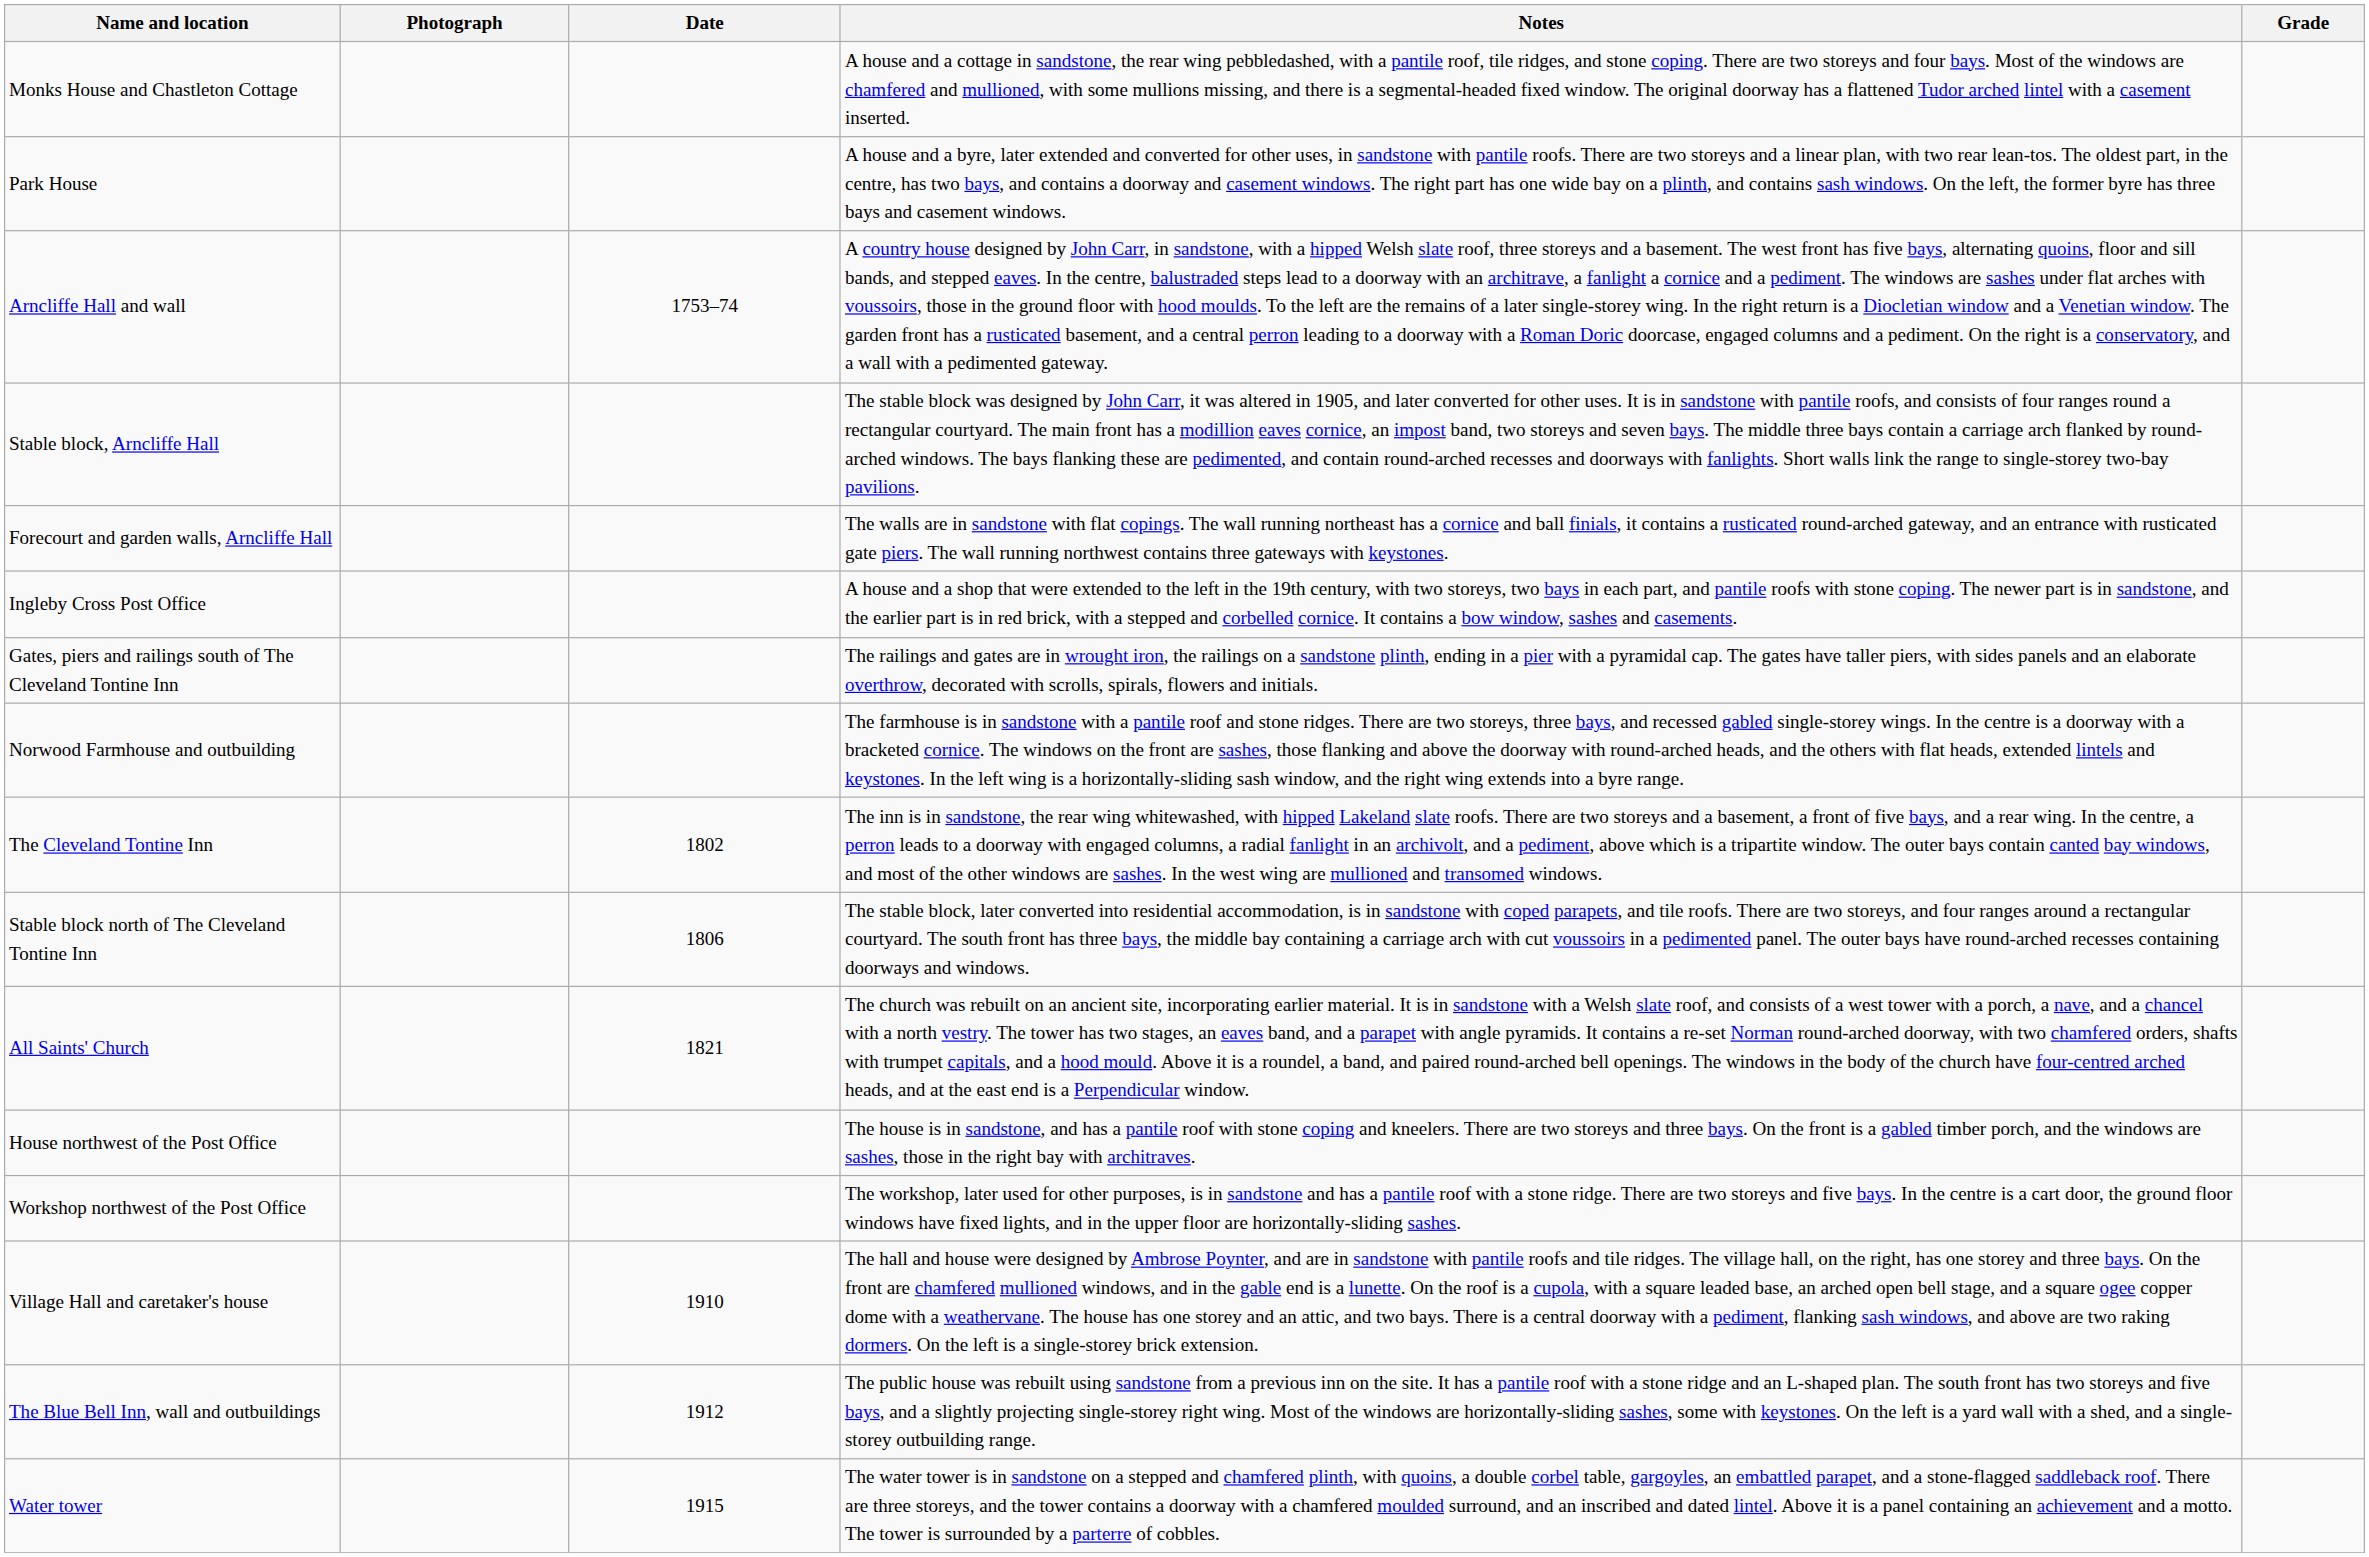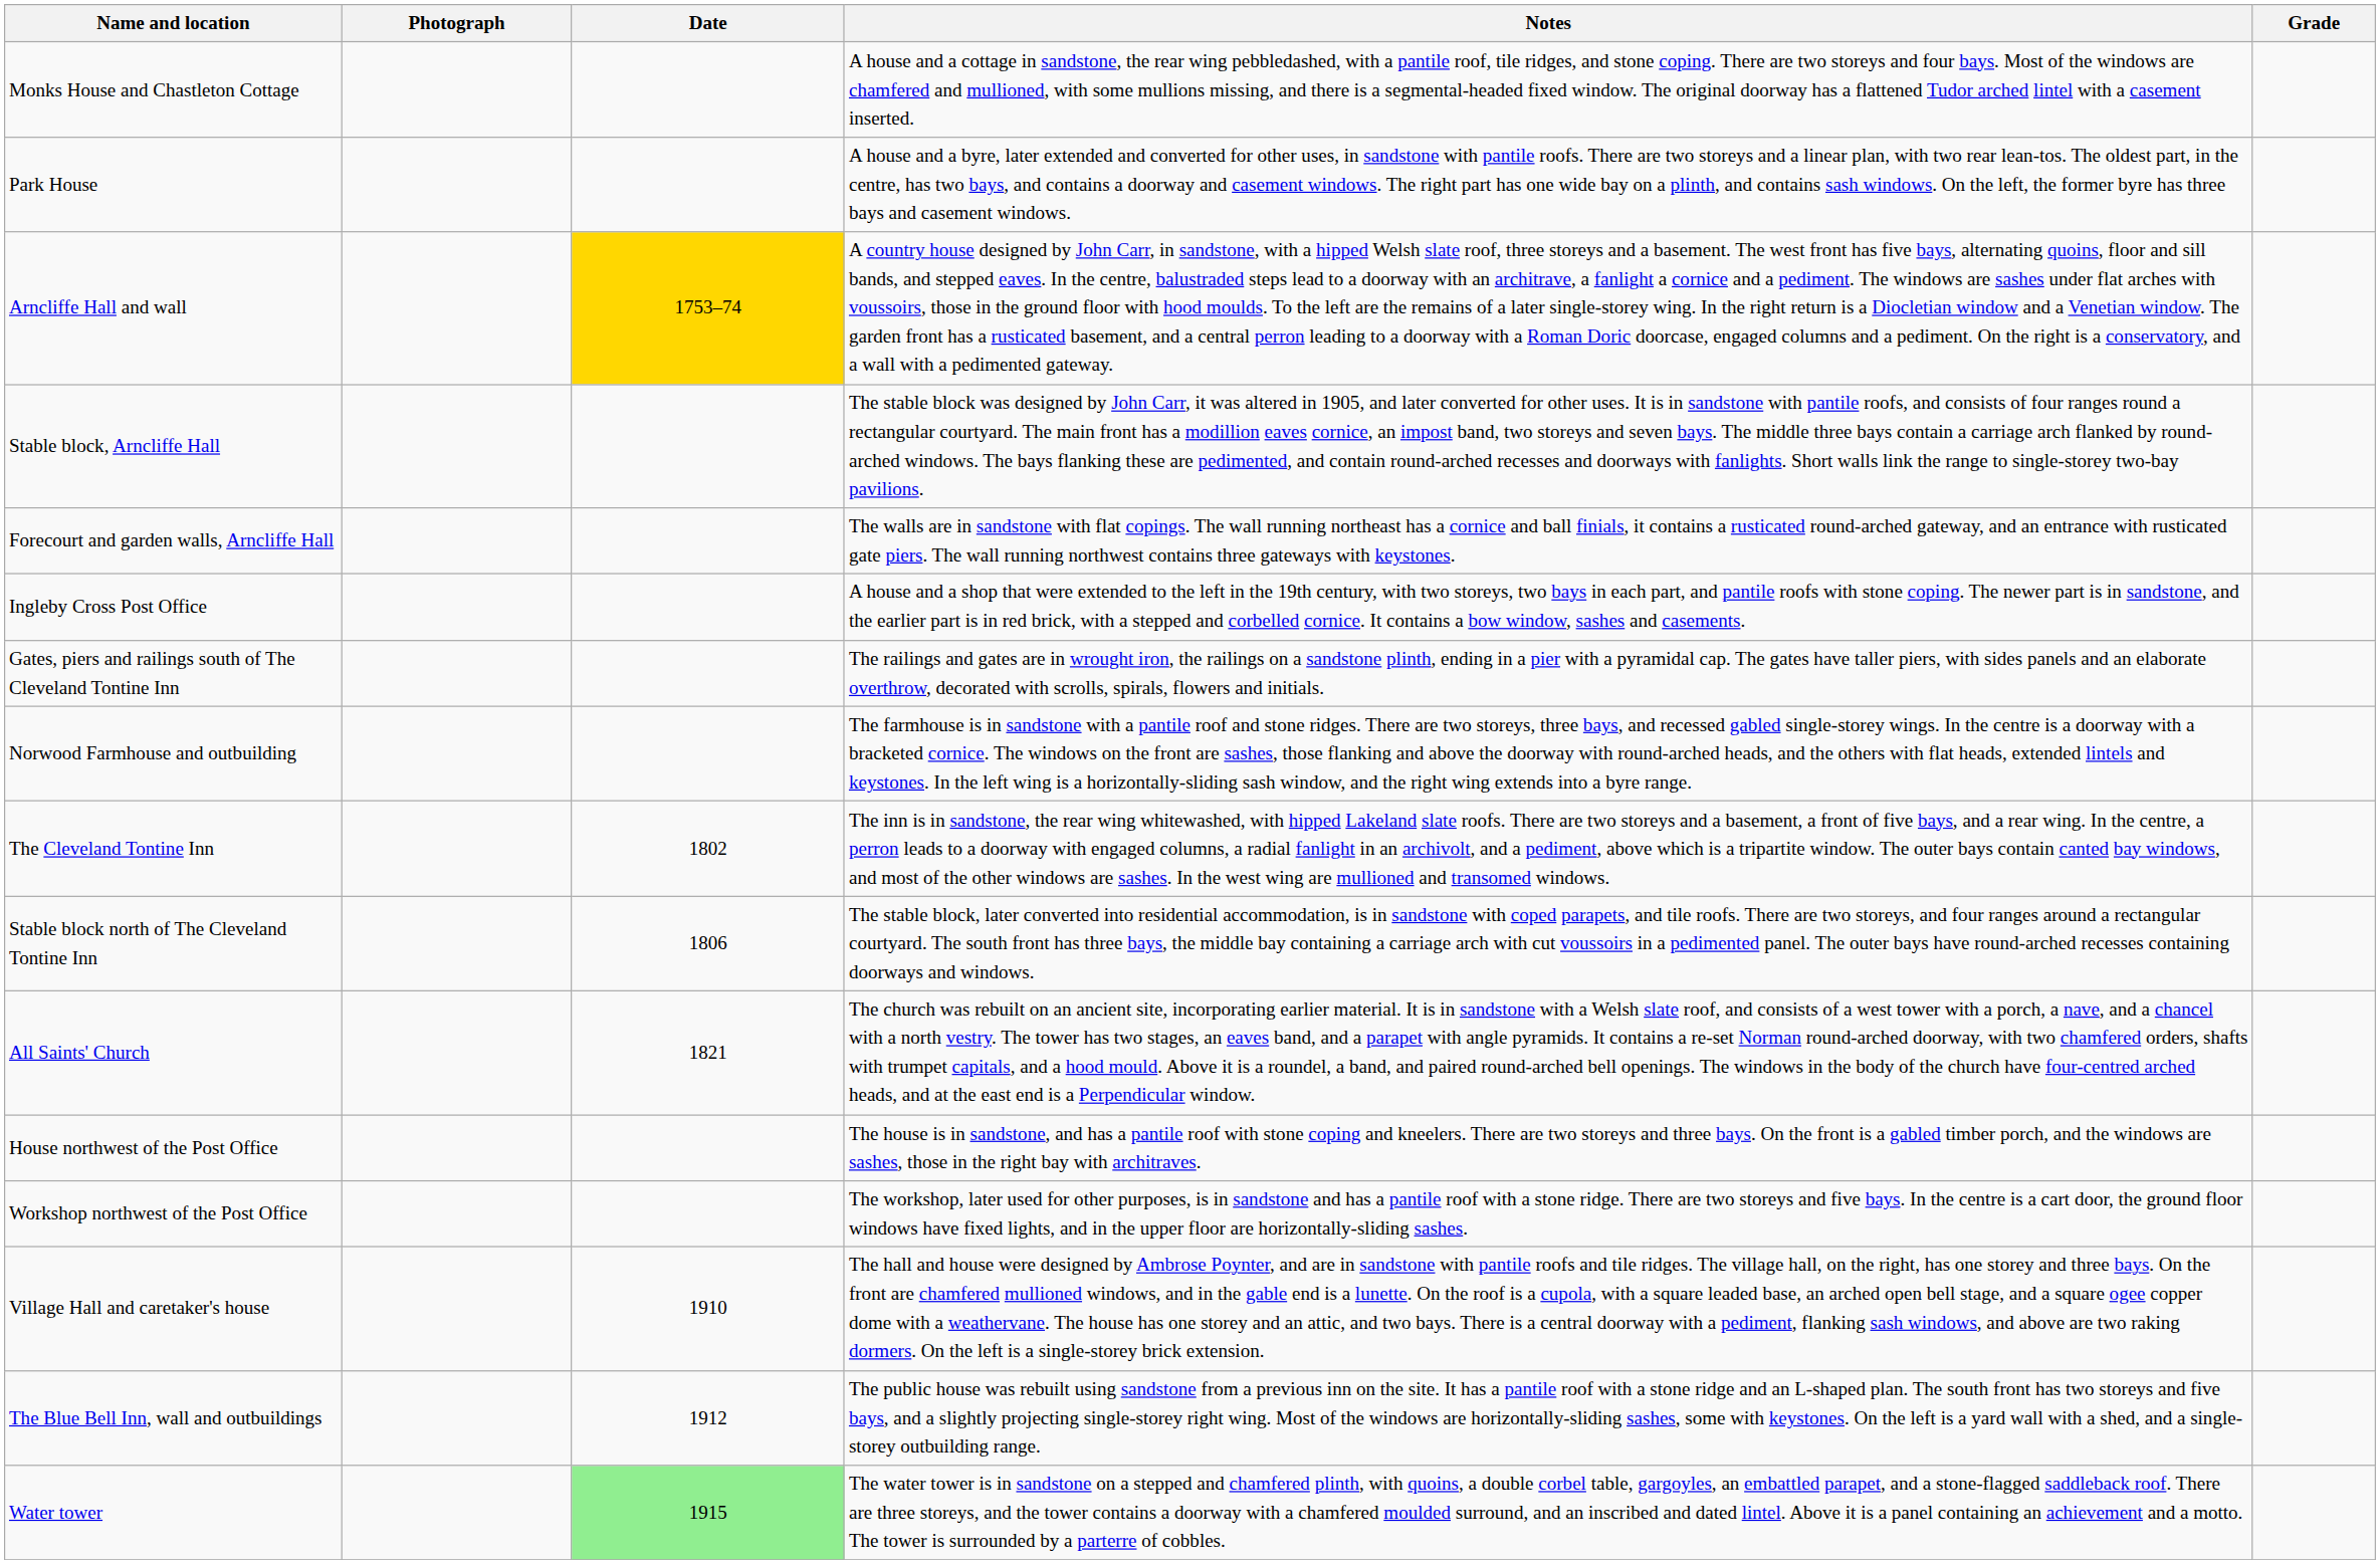 <table class="wikitable sortable plainrowheaders" style="width:100%; border:0px; text-align:left; line-height:150%">
 <tr>
 <th scope="col"  style="width:150px">Name and location</th>
 <th scope="col"  style="width:100px" class="unsortable">Photograph</th>
 <th scope="col"  style="width:120px">Date</th>
 <th scope="col"  style="width:650px" class="unsortable">Notes</th>
 <th scope="col"  style="width:50px">Grade</th>
 </tr>
 <tr>
 <td>Monks House and Chastleton Cottage<br><small></small></td>
 <td></td>
 <td align="center"></td>
 <td>A house and a cottage in <a href='#'>sandstone</a>, the rear wing pebbledashed, with a <a href='#'>pantile</a> roof, tile ridges, and stone <a href='#'>coping</a>. There are two storeys and four <a href='#'>bays</a>. Most of the windows are <a href='#'>chamfered</a> and <a href='#'>mullioned</a>, with some mullions missing, and there is a segmental-headed fixed window. The original doorway has a flattened <a href='#'>Tudor arched</a> <a href='#'>lintel</a> with a <a href='#'>casement</a> inserted.</td>
 <td align="center" ></td>
 </tr>
 <tr>
 <td>Park House<br><small></small></td>
 <td></td>
 <td align="center"></td>
 <td>A house and a byre, later extended and converted for other uses, in <a href='#'>sandstone</a> with <a href='#'>pantile</a> roofs. There are two storeys and a linear plan, with two rear lean-tos. The oldest part, in the centre, has two <a href='#'>bays</a>, and contains a doorway and <a href='#'>casement windows</a>. The right part has one wide bay on a <a href='#'>plinth</a>, and contains <a href='#'>sash windows</a>. On the left, the former byre has three bays and casement windows.</td>
 <td align="center" ></td>
 </tr>
 <tr>
 <td><a href='#'>Arncliffe Hall</a> and wall<br><small></small></td>
 <td></td>
-<td align="center">1753–74</td>
+<td align="center" style="background: gold;">1753–74</td>
 <td>A <a href='#'>country house</a> designed by <a href='#'>John Carr</a>, in <a href='#'>sandstone</a>, with a <a href='#'>hipped</a> Welsh <a href='#'>slate</a> roof, three storeys and a basement. The west front has five <a href='#'>bays</a>, alternating <a href='#'>quoins</a>, floor and sill bands, and stepped <a href='#'>eaves</a>. In the centre, <a href='#'>balustraded</a> steps lead to a doorway with an <a href='#'>architrave</a>, a <a href='#'>fanlight</a> a <a href='#'>cornice</a> and a <a href='#'>pediment</a>. The windows are <a href='#'>sashes</a> under flat arches with <a href='#'>voussoirs</a>, those in the ground floor with <a href='#'>hood moulds</a>. To the left are the remains of  a later single-storey wing. In the right return is a <a href='#'>Diocletian window</a> and a <a href='#'>Venetian window</a>. The garden front has a <a href='#'>rusticated</a> basement, and a central <a href='#'>perron</a> leading to a doorway with a <a href='#'>Roman Doric</a> doorcase, engaged columns and a pediment. On the right is a <a href='#'>conservatory</a>, and a wall with a pedimented gateway.</td>
 <td align="center" ></td>
 </tr>
 <tr>
 <td>Stable block, <a href='#'>Arncliffe Hall</a><br><small></small></td>
 <td></td>
 <td align="center"></td>
 <td>The stable block was designed by <a href='#'>John Carr</a>, it was altered in 1905, and later converted for other uses. It is in <a href='#'>sandstone</a> with <a href='#'>pantile</a> roofs, and consists of four ranges round a rectangular courtyard. The main front has a <a href='#'>modillion</a> <a href='#'>eaves</a> <a href='#'>cornice</a>, an <a href='#'>impost</a> band, two storeys and seven <a href='#'>bays</a>. The middle three bays contain a carriage arch flanked by round-arched windows. The bays flanking these are <a href='#'>pedimented</a>, and contain round-arched recesses and doorways with <a href='#'>fanlights</a>. Short walls link the range to single-storey two-bay <a href='#'>pavilions</a>.</td>
 <td align="center" ></td>
 </tr>
 <tr>
 <td>Forecourt and garden walls, <a href='#'>Arncliffe Hall</a><br><small></small></td>
 <td></td>
 <td align="center"></td>
 <td>The walls are in <a href='#'>sandstone</a> with flat <a href='#'>copings</a>. The wall running northeast has a <a href='#'>cornice</a> and ball <a href='#'>finials</a>, it contains a <a href='#'>rusticated</a> round-arched gateway, and an entrance with rusticated gate <a href='#'>piers</a>. The wall running northwest contains three gateways with <a href='#'>keystones</a>.</td>
 <td align="center" ></td>
 </tr>
 <tr>
 <td>Ingleby Cross Post Office<br><small></small></td>
 <td></td>
 <td align="center"></td>
 <td>A house and a shop that were extended to the left in the 19th century, with two storeys, two <a href='#'>bays</a> in each part, and <a href='#'>pantile</a> roofs with stone <a href='#'>coping</a>. The newer part is in <a href='#'>sandstone</a>, and the earlier part is in red brick, with a stepped and <a href='#'>corbelled</a> <a href='#'>cornice</a>.  It contains a <a href='#'>bow window</a>, <a href='#'>sashes</a> and <a href='#'>casements</a>.</td>
 <td align="center" ></td>
 </tr>
 <tr>
 <td>Gates, piers and railings south of The Cleveland Tontine Inn<br><small></small></td>
 <td></td>
 <td align="center"></td>
 <td>The railings and gates are in <a href='#'>wrought iron</a>, the railings on a <a href='#'>sandstone</a> <a href='#'>plinth</a>, ending in a <a href='#'>pier</a> with a pyramidal cap. The gates have taller piers, with sides panels and an elaborate <a href='#'>overthrow</a>, decorated with scrolls, spirals, flowers and initials.</td>
 <td align="center" ></td>
 </tr>
 <tr>
 <td>Norwood Farmhouse and outbuilding<br><small></small></td>
 <td></td>
 <td align="center"></td>
 <td>The farmhouse is in <a href='#'>sandstone</a> with a <a href='#'>pantile</a> roof and stone ridges. There are two storeys, three <a href='#'>bays</a>, and recessed <a href='#'>gabled</a> single-storey wings. In the centre is a doorway with a bracketed <a href='#'>cornice</a>. The windows on the front are <a href='#'>sashes</a>, those flanking and above the doorway with round-arched heads, and the others with flat heads, extended <a href='#'>lintels</a> and <a href='#'>keystones</a>. In the left wing is a horizontally-sliding sash window, and the right wing extends into a byre range.</td>
 <td align="center" ></td>
 </tr>
 <tr>
 <td>The <a href='#'>Cleveland Tontine</a> Inn<br><small></small></td>
 <td></td>
 <td align="center">1802</td>
 <td>The inn is in <a href='#'>sandstone</a>, the rear wing whitewashed, with <a href='#'>hipped</a> <a href='#'>Lakeland</a> <a href='#'>slate</a> roofs. There are two storeys and a basement, a front of five <a href='#'>bays</a>, and a rear wing. In the centre, a <a href='#'>perron</a> leads to a doorway with engaged columns, a radial <a href='#'>fanlight</a> in an <a href='#'>archivolt</a>, and a <a href='#'>pediment</a>, above which is a tripartite window. The outer  bays contain <a href='#'>canted</a> <a href='#'>bay windows</a>, and most of the  other windows are <a href='#'>sashes</a>. In the west wing are <a href='#'>mullioned</a> and <a href='#'> transomed</a> windows.</td>
 <td align="center" ></td>
 </tr>
 <tr>
 <td>Stable block north of The Cleveland Tontine Inn<br><small></small></td>
 <td></td>
 <td align="center">1806</td>
 <td>The stable block, later converted into residential accommodation, is in <a href='#'>sandstone</a> with <a href='#'>coped</a> <a href='#'>parapets</a>, and tile roofs. There are two storeys, and four ranges around a rectangular courtyard. The south front has three <a href='#'>bays</a>, the middle bay containing a carriage arch with cut <a href='#'>voussoirs</a> in a <a href='#'>pedimented</a> panel. The outer bays have round-arched recesses containing doorways and windows.</td>
 <td align="center" ></td>
 </tr>
 <tr>
 <td><a href='#'>All Saints' Church</a><br><small></small></td>
 <td></td>
 <td align="center">1821</td>
 <td>The church was rebuilt on an ancient site, incorporating earlier material. It is in <a href='#'>sandstone</a> with a Welsh <a href='#'>slate</a> roof, and consists of a west tower with a porch, a <a href='#'>nave</a>, and a <a href='#'>chancel</a> with a north <a href='#'>vestry</a>. The tower has two stages, an <a href='#'>eaves</a> band, and a <a href='#'>parapet</a> with angle pyramids. It contains a re-set <a href='#'>Norman</a> round-arched doorway, with two <a href='#'>chamfered</a> orders, shafts with trumpet <a href='#'>capitals</a>, and a <a href='#'>hood mould</a>. Above it is a roundel, a band, and paired round-arched bell openings. The windows in the body of the church have <a href='#'>four-centred arched</a> heads, and at the east end is a <a href='#'>Perpendicular</a> window.</td>
 <td align="center" ></td>
 </tr>
 <tr>
 <td>House northwest of the Post Office<br><small></small></td>
 <td></td>
 <td align="center"></td>
 <td>The house is in <a href='#'>sandstone</a>, and has a <a href='#'>pantile</a> roof with stone <a href='#'>coping</a> and kneelers. There are two storeys and three <a href='#'>bays</a>. On the front is a <a href='#'>gabled</a> timber porch, and the windows are <a href='#'>sashes</a>, those in the right bay with <a href='#'>architraves</a>.</td>
 <td align="center" ></td>
 </tr>
 <tr>
 <td>Workshop northwest of the Post Office<br><small></small></td>
 <td></td>
 <td align="center"></td>
 <td>The workshop, later used for other purposes, is in <a href='#'>sandstone</a> and has a <a href='#'>pantile</a> roof with a stone ridge. There are two storeys and five <a href='#'>bays</a>. In the centre is a cart door, the ground floor windows have fixed lights, and in the upper floor are horizontally-sliding <a href='#'>sashes</a>.</td>
 <td align="center" ></td>
 </tr>
 <tr>
 <td>Village Hall and caretaker's house<br><small></small></td>
 <td></td>
 <td align="center">1910</td>
 <td>The hall and house were designed by <a href='#'>Ambrose Poynter</a>, and are in <a href='#'>sandstone</a> with <a href='#'>pantile</a> roofs and tile ridges. The village hall, on the right, has one storey and three <a href='#'>bays</a>. On the front are <a href='#'>chamfered</a> <a href='#'>mullioned</a> windows, and in the <a href='#'>gable</a> end is a <a href='#'>lunette</a>. On the roof is a <a href='#'>cupola</a>, with a square leaded base, an arched open bell stage, and a square <a href='#'>ogee</a> copper dome with a <a href='#'>weathervane</a>. The house has one storey and an attic, and two bays. There is a central doorway with a <a href='#'>pediment</a>, flanking <a href='#'>sash windows</a>, and above are two raking <a href='#'>dormers</a>. On the left is a single-storey brick extension.</td>
 <td align="center" ></td>
 </tr>
 <tr>
 <td><a href='#'>The Blue Bell Inn</a>, wall and outbuildings<br><small></small></td>
 <td></td>
 <td align="center">1912</td>
 <td>The public house was rebuilt using <a href='#'>sandstone</a> from a previous inn on the site. It has a <a href='#'>pantile</a> roof with a stone ridge and an L-shaped plan. The south front has two storeys and five <a href='#'>bays</a>, and a slightly projecting single-storey right wing. Most of the windows are horizontally-sliding <a href='#'>sashes</a>, some with <a href='#'>keystones</a>. On the left is a yard wall with a shed, and a single-storey outbuilding range.</td>
 <td align="center" ></td>
 </tr>
 <tr>
 <td><a href='#'>Water tower</a><br><small></small></td>
 <td></td>
-<td align="center">1915</td>
+<td align="center" style="background: lightgreen;">1915</td>
 <td>The water tower is in <a href='#'>sandstone</a> on a stepped and <a href='#'>chamfered</a> <a href='#'>plinth</a>, with <a href='#'>quoins</a>, a double <a href='#'>corbel</a> table, <a href='#'>gargoyles</a>, an <a href='#'>embattled</a> <a href='#'>parapet</a>, and a stone-flagged <a href='#'>saddleback roof</a>. There are three storeys, and the tower contains a doorway with a chamfered <a href='#'>moulded</a> surround, and an inscribed and dated <a href='#'>lintel</a>. Above it is a panel containing an <a href='#'>achievement</a> and a motto. The tower is surrounded by a <a href='#'>parterre</a> of cobbles.</td>
 <td align="center" ></td>
 </tr>
 <tr>
 </tr>
 </table>
